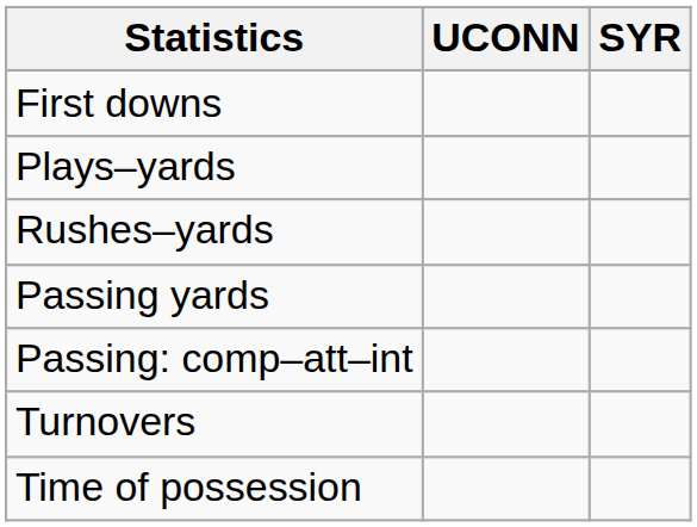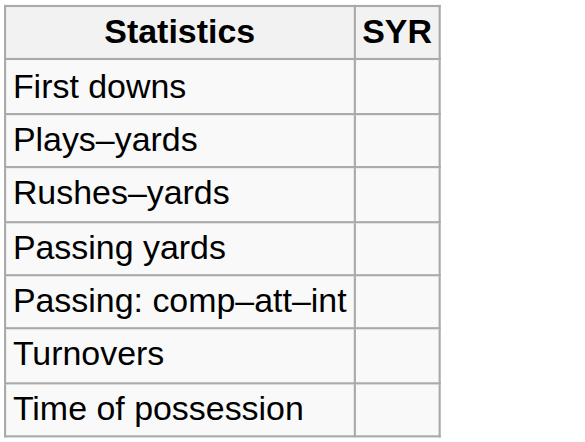 <table class="wikitable" style="float:left">
 <tr>
 <th>Statistics</th>
-<th>UCONN</th>
 <th>SYR</th>
 </tr>
 <tr>
 <td>First downs</td>
 <td></td>
-<td></td>
 </tr>
 <tr>
 <td>Plays–yards</td>
-<td></td>
 <td></td>
 </tr>
 <tr>
 <td>Rushes–yards</td>
 <td></td>
-<td></td>
 </tr>
 <tr>
 <td>Passing yards</td>
-<td></td>
 <td></td>
 </tr>
 <tr>
 <td>Passing: comp–att–int</td>
 <td></td>
-<td></td>
 </tr>
 <tr>
 <td>Turnovers</td>
-<td></td>
 <td></td>
 </tr>
 <tr>
 <td>Time of possession</td>
 <td></td>
-<td></td>
 </tr>
 </table>
